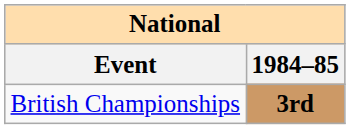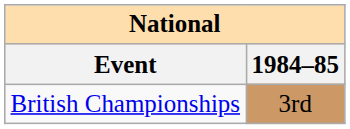 <table class="wikitable" style="text-align:center">
 <tr>
 <th style="background-color: #ffdead; " colspan=2 align=center>National</th>
 </tr>
 <tr>
 <th>Event</th>
 <th>1984–85</th>
 </tr>
 <tr>
 <td align=left><a href='#'>British Championships</a></td>
-<td bgcolor=cc9966><strong>3rd</strong></td>
+<td bgcolor=cc9966>3rd</td>
 </tr>
 </table>
